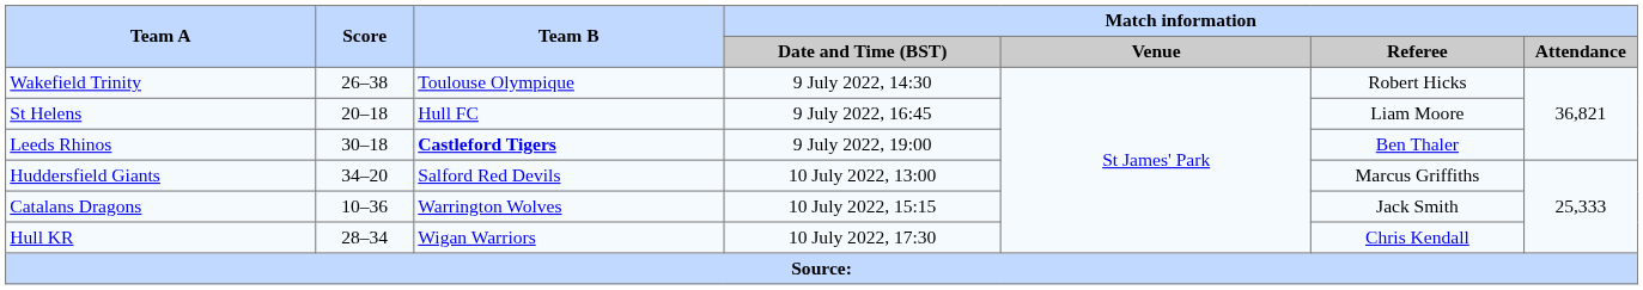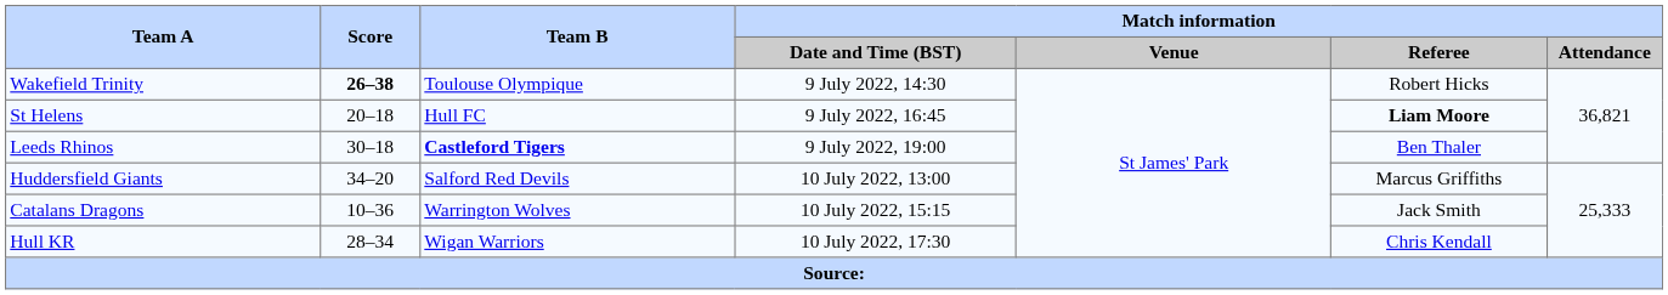 <table border=1 style="border-collapse:collapse; font-size:90%; text-align:center;" cellpadding=3 cellspacing=0 width=100%>
 <tr style="background:#C1D8ff;">
 <th scope="col" rowspan=2 width=19%>Team A</th>
 <th scope="col" rowspan=2 width=6%>Score</th>
 <th scope="col" rowspan=2 width=19%>Team B</th>
 <th colspan=4>Match information</th>
 </tr>
 <tr style="background:#CCCCCC;">
 <th scope="col" width=17%>Date and Time (BST)</th>
 <th scope="col" width=19%>Venue</th>
 <th scope="col" width=13%>Referee</th>
 <th scope="col" width=7%>Attendance</th>
 </tr>
 <tr style="background:#F5FAFF;">
 <td style="text-align:left;"> <a href='#'>Wakefield Trinity</a></td>
-<td>26–38</td>
+<td><strong>26–38</strong></td>
 <td style="text-align:left;"> <a href='#'>Toulouse Olympique</a></td>
 <td>9 July 2022, 14:30</td>
 <td rowspan=6><a href='#'>St James' Park</a></td>
 <td>Robert Hicks</td>
 <td rowspan=3>36,821</td>
 </tr>
 <tr style="background:#F5FAFF;">
 <td style="text-align:left;"> <a href='#'>St Helens</a></td>
 <td>20–18</td>
 <td style="text-align:left;"> <a href='#'>Hull FC</a></td>
 <td>9 July 2022, 16:45</td>
-<td>Liam Moore</td>
+<td><strong>Liam Moore</strong></td>
 </tr>
 <tr style="background:#F5FAFF;">
 <td style="text-align:left;"> <a href='#'>Leeds Rhinos</a></td>
 <td>30–18</td>
 <td style="text-align:left;"><strong> <a href='#'>Castleford Tigers</a></strong></td>
 <td>9 July 2022, 19:00</td>
 <td><a href='#'>Ben Thaler</a></td>
 </tr>
 <tr style="background:#F5FAFF;">
 <td style="text-align:left;"> <a href='#'>Huddersfield Giants</a></td>
 <td>34–20</td>
 <td style="text-align:left;"> <a href='#'>Salford Red Devils</a></td>
 <td>10 July 2022, 13:00</td>
 <td>Marcus Griffiths</td>
 <td rowspan=3>25,333</td>
 </tr>
 <tr style="background:#F5FAFF;">
 <td style="text-align:left;"> <a href='#'>Catalans Dragons</a></td>
 <td>10–36</td>
 <td style="text-align:left;"> <a href='#'>Warrington Wolves</a></td>
 <td>10 July 2022, 15:15</td>
 <td>Jack Smith</td>
 </tr>
 <tr style="background:#F5FAFF;">
 <td style="text-align:left;"> <a href='#'>Hull KR</a></td>
 <td>28–34</td>
 <td style="text-align:left;"> <a href='#'>Wigan Warriors</a></td>
 <td>10 July 2022, 17:30</td>
 <td><a href='#'>Chris Kendall</a></td>
 </tr>
 <tr style="background:#c1d8ff;">
 <th colspan=7>Source:</th>
 </tr>
 </table>
